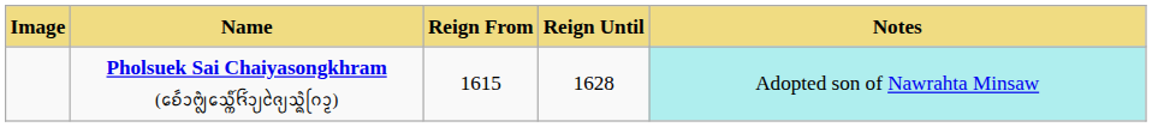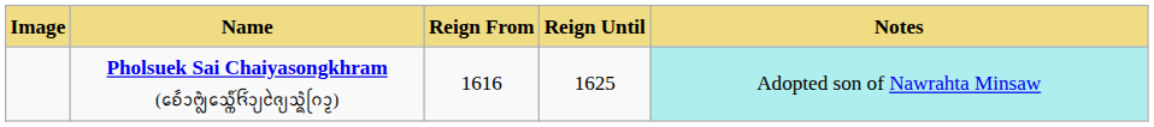 <table class="wikitable" style="text-align:center; font-size:90%; line-height:22px;">
 <tr colspan=10 style="background:#F0DC82; text-align:center">
 <td width="20"><span><strong>Image</strong></span></td>
 <td width="240"><span><strong>Name</strong></span></td>
 <td><span><strong>Reign From</strong></span></td>
 <td><span><strong>Reign Until</strong></span></td>
 <td width="340"><span><strong>Notes</strong></span></td>
 </tr>
 <tr>
 <td></td>
 <td><a href='#'><strong>Pholsuek Sai Chaiyasongkhram</strong></a><br><small>(ᨧᩮᩢ᩶ᩣᨻᩫ᩠ᩃᩈᩮᩥᩢ᩠ᨠᨪ᩶ᩣ᩠ᨿᨩᩱ᩠ᨿᩈᩫ᩠ᨦᨣᩕᩣ᩠ᨾ)</small></td>
-<td>1615</td>
-<td>1628</td>
+<td>1616</td>
+<td>1625</td>
 <td style="background: paleturquoise;">Adopted son of <a href='#'>Nawrahta Minsaw</a></td>
 </tr>
 </table>
